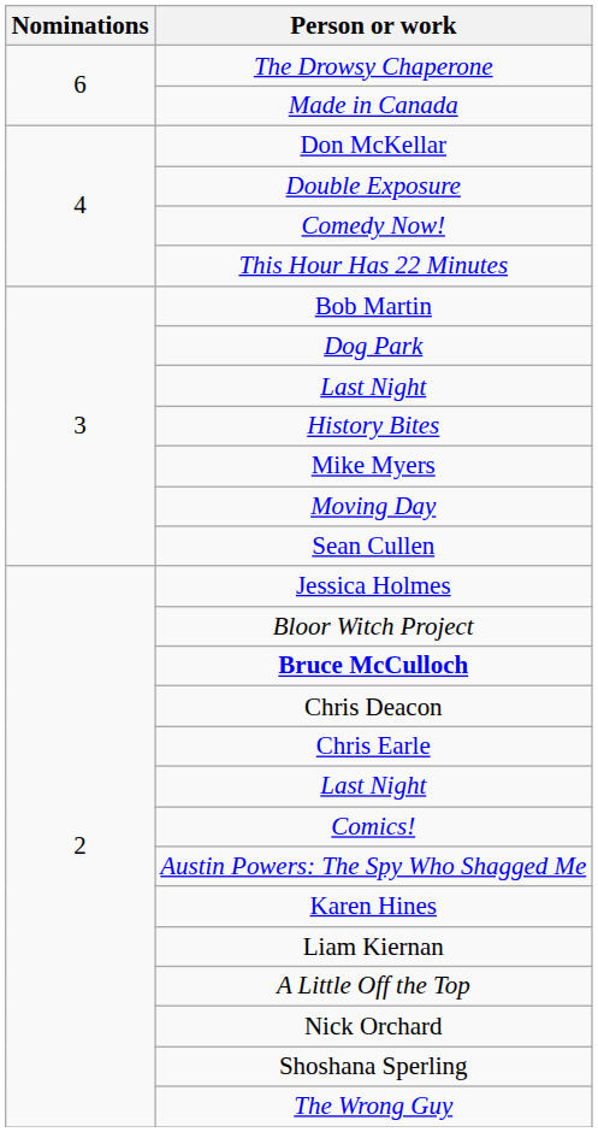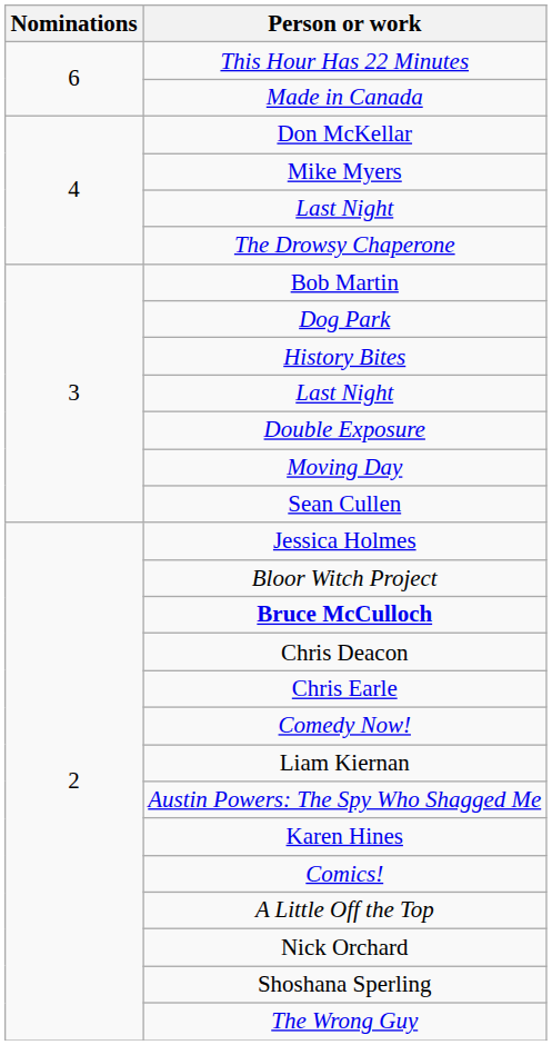 <table class="wikitable sortable" style="text-align:center;" background: #f6e39c;>
 <tr>
 <th scope="col" style="width:55px;">Nominations</th>
 <th scope="col" style="text-align:center;">Person or work</th>
 </tr>
 <tr>
 <td rowspan=2 style="text-align:center">6</td>
-<td><em><a href='#'>The Drowsy Chaperone</a></em></td>
+<td><em><a href='#'>This Hour Has 22 Minutes</a></em></td>
 </tr>
 <tr>
 <td><em><a href='#'>Made in Canada</a></em></td>
 </tr>
 <tr>
 <td rowspan=4 style="text-align:center">4</td>
 <td><a href='#'>Don McKellar</a></td>
 </tr>
 <tr>
-<td><em><a href='#'>Double Exposure</a></em></td>
+<td><a href='#'>Mike Myers</a></td>
 </tr>
 <tr>
-<td><em><a href='#'>Comedy Now!</a></em></td>
+<td><em><a href='#'>Last Night</a></em></td>
 </tr>
 <tr>
-<td><em><a href='#'>This Hour Has 22 Minutes</a></em></td>
+<td><em><a href='#'>The Drowsy Chaperone</a></em></td>
 </tr>
 <tr>
 <td rowspan=7 style="text-align:center">3</td>
 <td><a href='#'>Bob Martin</a></td>
 </tr>
 <tr>
 <td><em><a href='#'>Dog Park</a></em></td>
 </tr>
 <tr>
+<td><em><a href='#'>History Bites</a></em></td>
+</tr>
+<tr>
 <td><em><a href='#'>Last Night</a></em></td>
 </tr>
 <tr>
-<td><em><a href='#'>History Bites</a></em></td>
-</tr>
-<tr>
-<td><a href='#'>Mike Myers</a></td>
+<td><em><a href='#'>Double Exposure</a></em></td>
 </tr>
 <tr>
 <td><em><a href='#'>Moving Day</a></em></td>
 </tr>
 <tr>
 <td><a href='#'>Sean Cullen</a></td>
 </tr>
 <tr>
 <td rowspan=14 style="text-align:center">2</td>
 <td><a href='#'>Jessica Holmes</a></td>
 </tr>
 <tr>
 <td><em>Bloor Witch Project</em></td>
 </tr>
 <tr>
 <td><strong><a href='#'>Bruce McCulloch</a></strong></td>
 </tr>
 <tr>
 <td>Chris Deacon</td>
 </tr>
 <tr>
 <td><a href='#'>Chris Earle</a></td>
 </tr>
 <tr>
-<td><em><a href='#'>Last Night</a></em></td>
+<td><em><a href='#'>Comedy Now!</a></em></td>
 </tr>
 <tr>
-<td><em><a href='#'>Comics!</a></em></td>
+<td>Liam Kiernan</td>
 </tr>
 <tr>
 <td><em><a href='#'>Austin Powers: The Spy Who Shagged Me</a></em></td>
 </tr>
 <tr>
 <td><a href='#'>Karen Hines</a></td>
 </tr>
 <tr>
-<td>Liam Kiernan</td>
+<td><em><a href='#'>Comics!</a></em></td>
 </tr>
 <tr>
 <td><em>A Little Off the Top</em></td>
 </tr>
 <tr>
 <td>Nick Orchard</td>
 </tr>
 <tr>
 <td>Shoshana Sperling</td>
 </tr>
 <tr>
 <td><em><a href='#'>The Wrong Guy</a></em></td>
 </tr>
 </table>
